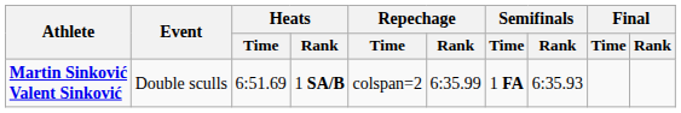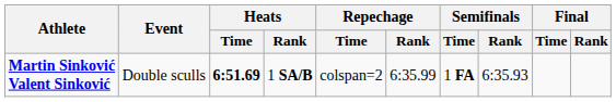 <table class="wikitable" style="font-size:90%">
 <tr>
 <th rowspan="2">Athlete</th>
 <th rowspan="2">Event</th>
 <th colspan="2">Heats</th>
 <th colspan="2">Repechage</th>
 <th colspan="2">Semifinals</th>
 <th colspan="2">Final</th>
 </tr>
 <tr style="font-size:95%">
 <th>Time</th>
 <th>Rank</th>
 <th>Time</th>
 <th>Rank</th>
 <th>Time</th>
 <th>Rank</th>
 <th>Time</th>
 <th>Rank</th>
 </tr>
 <tr align=center>
 <td align=left><strong><a href='#'>Martin Sinković</a><br><a href='#'>Valent Sinković</a></strong></td>
 <td align=left>Double sculls</td>
-<td>6:51.69</td>
+<td><strong>6:51.69</strong></td>
 <td>1 <strong>SA/B</strong></td>
 <td>colspan=2</td>
 <td>6:35.99</td>
 <td>1 <strong>FA</strong></td>
 <td>6:35.93</td>
 <td></td>
 </tr>
 </table>
